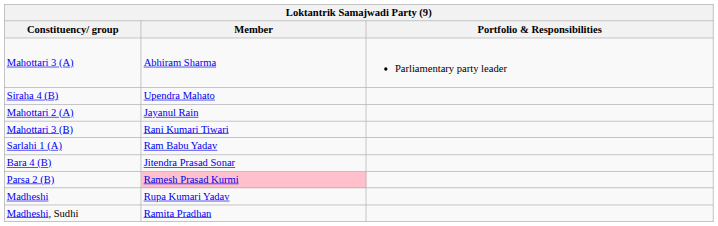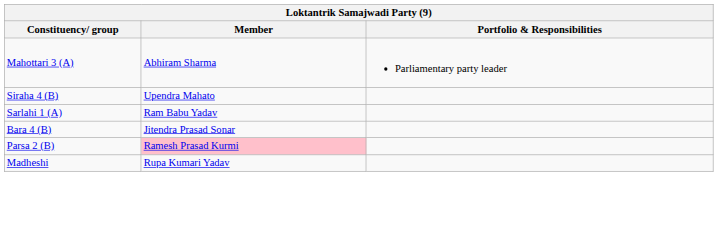 <table class="wikitable sortable">
 <tr>
 <th colspan="3" style="width: 800pt; background:">Loktantrik Samajwadi Party (9)</th>
 </tr>
 <tr>
 <th style="width:150pt;">Constituency/ group</th>
 <th style="width:250pt;">Member</th>
 <th>Portfolio & Responsibilities</th>
 </tr>
 <tr>
 <td><a href='#'>Mahottari 3 (A)</a></td>
 <td><a href='#'>Abhiram Sharma</a></td>
 <td><br><ul><li>Parliamentary party leader</li></ul></td>
 </tr>
 <tr>
 <td><a href='#'>Siraha 4 (B)</a></td>
 <td><a href='#'>Upendra Mahato</a></td>
-<td></td>
-</tr>
-<tr>
-<td><a href='#'>Mahottari 2 (A)</a></td>
-<td><a href='#'>Jayanul Rain</a></td>
-<td></td>
-</tr>
-<tr>
-<td><a href='#'>Mahottari 3 (B)</a></td>
-<td><a href='#'>Rani Kumari Tiwari</a></td>
 <td></td>
 </tr>
 <tr>
 <td><a href='#'>Sarlahi 1 (A)</a></td>
 <td><a href='#'>Ram Babu Yadav</a></td>
 <td></td>
 </tr>
 <tr>
 <td><a href='#'>Bara 4 (B)</a></td>
 <td><a href='#'>Jitendra Prasad Sonar</a></td>
 <td></td>
 </tr>
 <tr>
 <td><a href='#'>Parsa 2 (B)</a></td>
 <td style="background: pink;"><a href='#'>Ramesh Prasad Kurmi</a></td>
 <td></td>
 </tr>
 <tr>
 <td><a href='#'>Madheshi</a></td>
 <td><a href='#'>Rupa Kumari Yadav</a></td>
 <td></td>
 </tr>
-<tr>
-<td><a href='#'>Madheshi</a>, Sudhi</td>
-<td><a href='#'>Ramita Pradhan</a></td>
-<td></td>
-</tr>
 </table>
